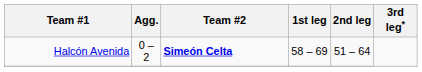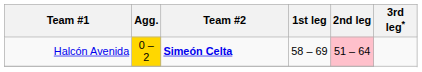 <table class=wikitable style="text-align:center">
 <tr>
 <th width=240>Team #1</th>
 <th width=20>Agg.</th>
 <th width=240>Team #2</th>
 <th width=70>1st leg</th>
 <th width=70>2nd leg</th>
 <th width=70>3rd leg<sup>*</sup></th>
 </tr>
 <tr>
 <td align=right><a href='#'>Halcón Avenida</a></td>
-<td>0 – 2</td>
+<td style="background: gold;">0 – 2</td>
 <td align=left><strong><a href='#'>Simeón Celta</a></strong></td>
 <td>58 – 69</td>
-<td>51 – 64</td>
+<td style="background: pink;">51 – 64</td>
 </tr>
 <tr>
 </tr>
 </table>
